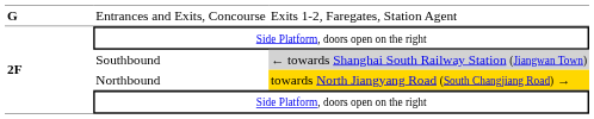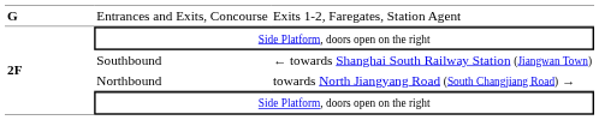 <table cellspacing=0 cellpadding=3>
 <tr>
 <td style="border-top:solid 1px gray;border-bottom:solid 1px gray;" width=100><strong>G</strong></td>
 <td style="border-top:solid 1px gray;border-bottom:solid 1px gray;">Entrances and Exits, Concourse</td>
 <td style="border-top:solid 1px gray;border-bottom:solid 1px gray;">Exits 1-2, Faregates, Station Agent</td>
 </tr>
 <tr>
 <td style="border-bottom:solid 1px gray;" rowspan=4><strong>2F</strong></td>
 <td style="border-right:solid 2px black;border-left:solid 2px black;border-top:solid 2px black;border-bottom:solid 2px black;text-align:center;" colspan=2><small><a href='#'>Side Platform</a>, doors open on the right</small></td>
 </tr>
 <tr>
 <td>Southbound</td>
-<td style="background: lightgrey;">←  towards <a href='#'>Shanghai South Railway Station</a> <small>(<a href='#'>Jiangwan Town</a>)</small></td>
+<td>←  towards <a href='#'>Shanghai South Railway Station</a> <small>(<a href='#'>Jiangwan Town</a>)</small></td>
 </tr>
 <tr>
 <td style="border-bottom:solid 1px gray;">Northbound</td>
-<td style="background: gold; border-bottom:solid 1px gray;">  towards <a href='#'>North Jiangyang Road</a> <small>(<a href='#'>South Changjiang Road</a>)</small> →</td>
+<td style="border-bottom:solid 1px gray;">  towards <a href='#'>North Jiangyang Road</a> <small>(<a href='#'>South Changjiang Road</a>)</small> →</td>
 </tr>
 <tr>
 <td style="border-right:solid 2px black;border-left:solid 2px black;border-top:solid 2px black;border-bottom:solid 2px black;text-align:center;" colspan=2><small><a href='#'>Side Platform</a>, doors open on the right</small></td>
 </tr>
 </table>
